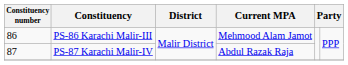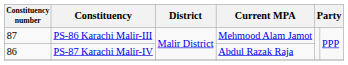 <table class="wikitable">
 <tr>
 <th width="50px" style="font-size:75%">Constituency number</th>
 <th>Constituency</th>
 <th>District</th>
 <th>Current MPA</th>
 <th colspan="2">Party</th>
 </tr>
 <tr>
-<td>86</td>
+<td>87</td>
 <td><a href='#'>PS-86 Karachi Malir-III</a></td>
 <td rowspan="2"><a href='#'>Malir District</a></td>
 <td><a href='#'>Mehmood Alam Jamot</a></td>
 <td rowspan="2"></td>
 <td rowspan="2"><a href='#'>PPP</a></td>
 </tr>
 <tr>
-<td>87</td>
+<td>86</td>
 <td><a href='#'>PS-87 Karachi Malir-IV</a></td>
 <td><a href='#'>Abdul Razak Raja</a></td>
 </tr>
 <tr>
 </tr>
 </table>
